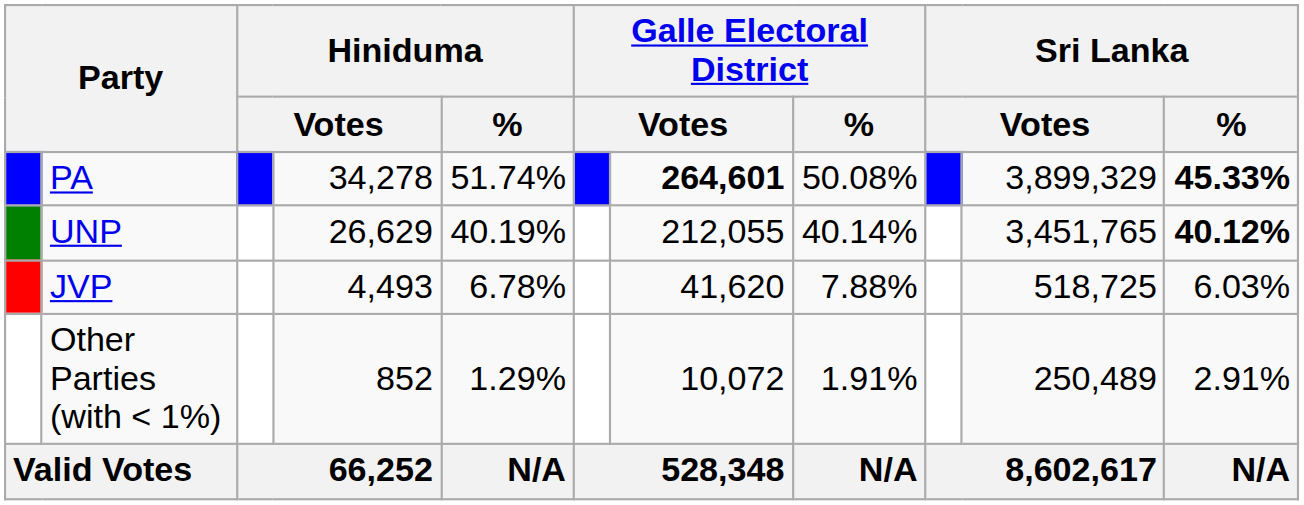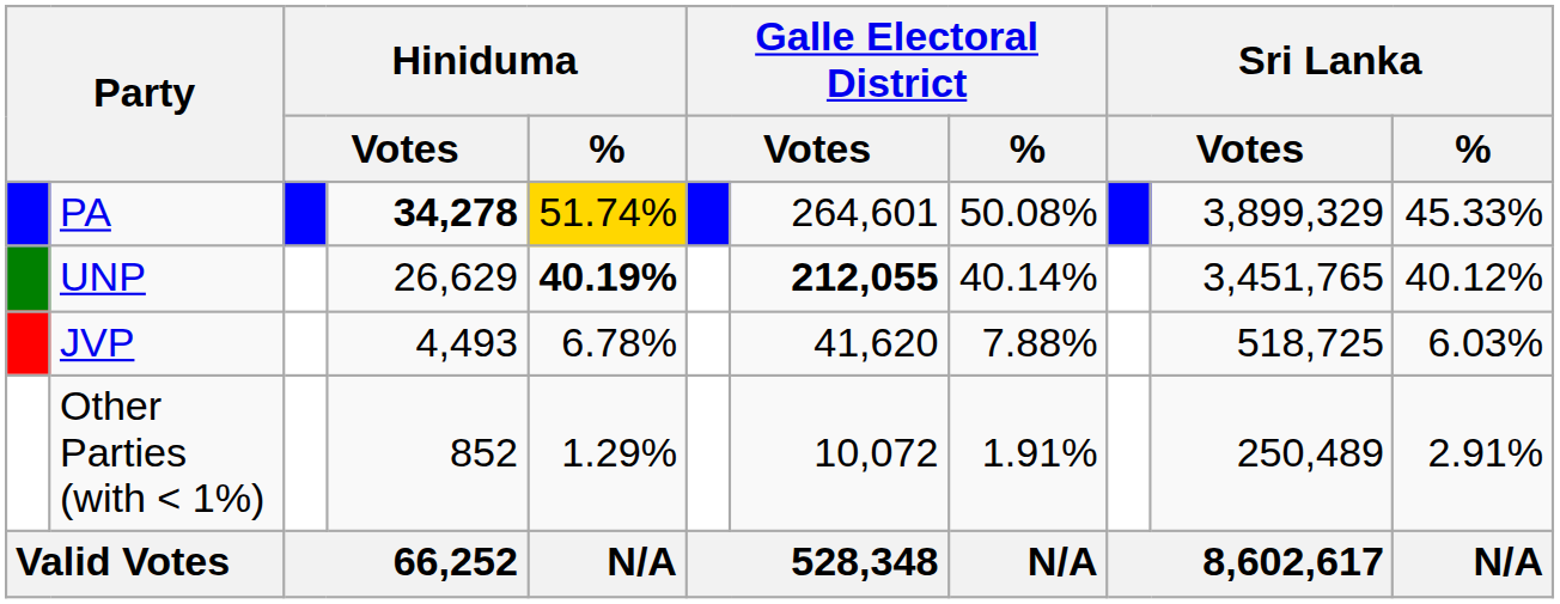 <table class="wikitable">
 <tr>
 <th colspan="2" width="144px"rowspan="2">Party</th>
 <th colspan="3" width="216px">Hiniduma</th>
 <th colspan="3" width="216px"><a href='#'>Galle Electoral District</a></th>
 <th colspan="3" width="216px">Sri Lanka</th>
 </tr>
 <tr>
 <th colspan="2" width="144px">Votes</th>
 <th>%</th>
 <th colspan="2" width="144px">Votes</th>
 <th>%</th>
 <th colspan="2" width="144px">Votes</th>
 <th>%</th>
 </tr>
 <tr>
 <td style="background-color:blue;" width="10px"></td>
 <td style="text-align:left;"><a href='#'>PA</a></td>
 <td style="background-color:blue;" width="10px"></td>
-<td style="text-align:right;">34,278</td>
-<td style="text-align:right;">51.74%</td>
+<td style="text-align:right;"><strong>34,278</strong></td>
+<td style="background: gold; text-align:right;">51.74%</td>
 <td style="background-color:blue;" width="10px"></td>
-<td style="text-align:right;"><strong>264,601</strong></td>
+<td style="text-align:right;">264,601</td>
 <td style="text-align:right;">50.08%</td>
 <td style="background-color:blue;" width="10px"></td>
 <td style="text-align:right;">3,899,329</td>
-<td style="text-align:right;"><strong>45.33%</strong></td>
+<td style="text-align:right;">45.33%</td>
 </tr>
 <tr>
 <td style="background-color:green;" width="10px"></td>
 <td style="text-align:left;"><a href='#'>UNP</a></td>
 <td style="background-color:white;" width="10px"></td>
 <td style="text-align:right;">26,629</td>
-<td style="text-align:right;">40.19%</td>
+<td style="text-align:right;"><strong>40.19%</strong></td>
 <td style="background-color:white;" width="10px"></td>
-<td style="text-align:right;">212,055</td>
+<td style="text-align:right;"><strong>212,055</strong></td>
 <td style="text-align:right;">40.14%</td>
 <td style="background-color:white;" width="10px"></td>
 <td style="text-align:right;">3,451,765</td>
-<td style="text-align:right;"><strong>40.12%</strong></td>
+<td style="text-align:right;">40.12%</td>
 </tr>
 <tr>
 <td style="background-color:red;" width="10px"></td>
 <td style="text-align:left;"><a href='#'>JVP</a></td>
 <td style="background-color:white;" width="10px"></td>
 <td style="text-align:right;">4,493</td>
 <td style="text-align:right;">6.78%</td>
 <td style="background-color:white;" width="10px"></td>
 <td style="text-align:right;">41,620</td>
 <td style="text-align:right;">7.88%</td>
 <td style="background-color:white;" width="10px"></td>
 <td style="text-align:right;">518,725</td>
 <td style="text-align:right;">6.03%</td>
 </tr>
 <tr>
 <td style="background-color:white;" width="10px"></td>
 <td style="text-align:left;">Other Parties (with < 1%)</td>
 <td style="background-color:white;" width="10px"></td>
 <td style="text-align:right;">852</td>
 <td style="text-align:right;">1.29%</td>
 <td style="background-color:white;" width="10px"></td>
 <td style="text-align:right;">10,072</td>
 <td style="text-align:right;">1.91%</td>
 <td style="background-color:white;" width="10px"></td>
 <td style="text-align:right;">250,489</td>
 <td style="text-align:right;">2.91%</td>
 </tr>
 <tr>
 <th colspan="2" width="144px"style="text-align:left;">Valid Votes</th>
 <th style="text-align:right;"colspan="2" width="144px">66,252</th>
 <th style="text-align:right;">N/A</th>
 <th style="text-align:right;"colspan="2" width="144px">528,348</th>
 <th style="text-align:right;">N/A</th>
 <th style="text-align:right;"colspan="2" width="144px">8,602,617</th>
 <th style="text-align:right;">N/A</th>
 </tr>
 </table>
